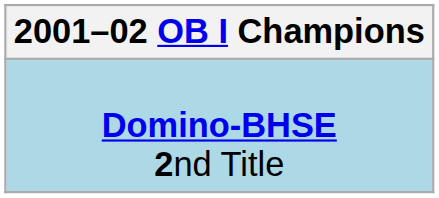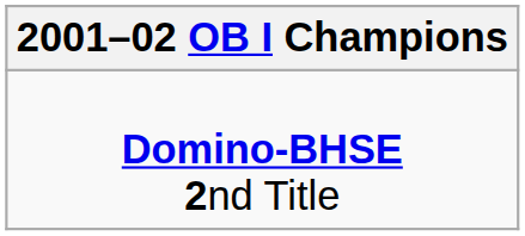 <table class=wikitable style="text-align:center; margin:auto">
 <tr>
 <th>2001–02 <a href='#'>OB I</a> Champions</th>
 </tr>
 <tr>
-<td style="background: lightblue;"><br><strong><a href='#'>Domino-BHSE</a></strong><br><strong>2</strong>nd Title</td>
+<td><br><strong><a href='#'>Domino-BHSE</a></strong><br><strong>2</strong>nd Title</td>
 </tr>
 </table>
